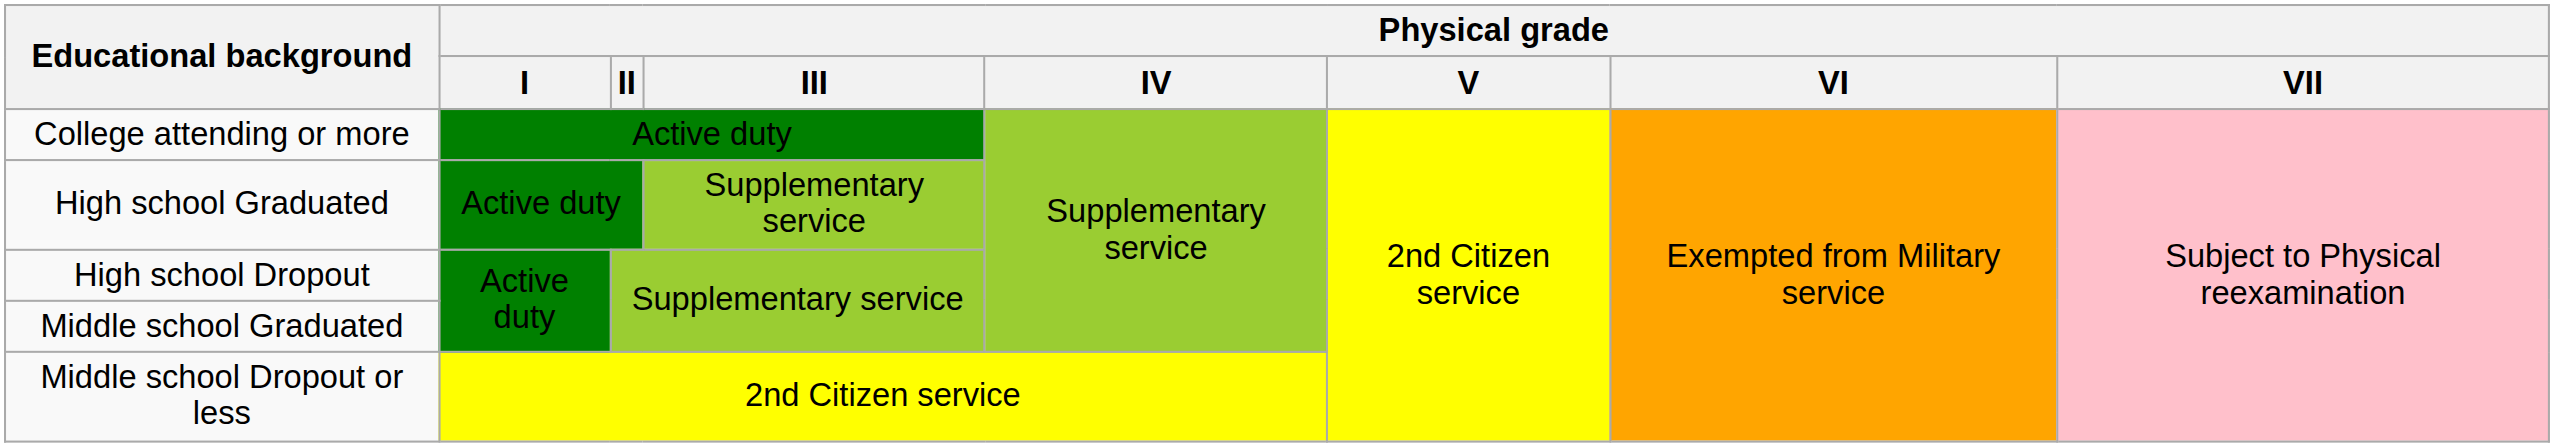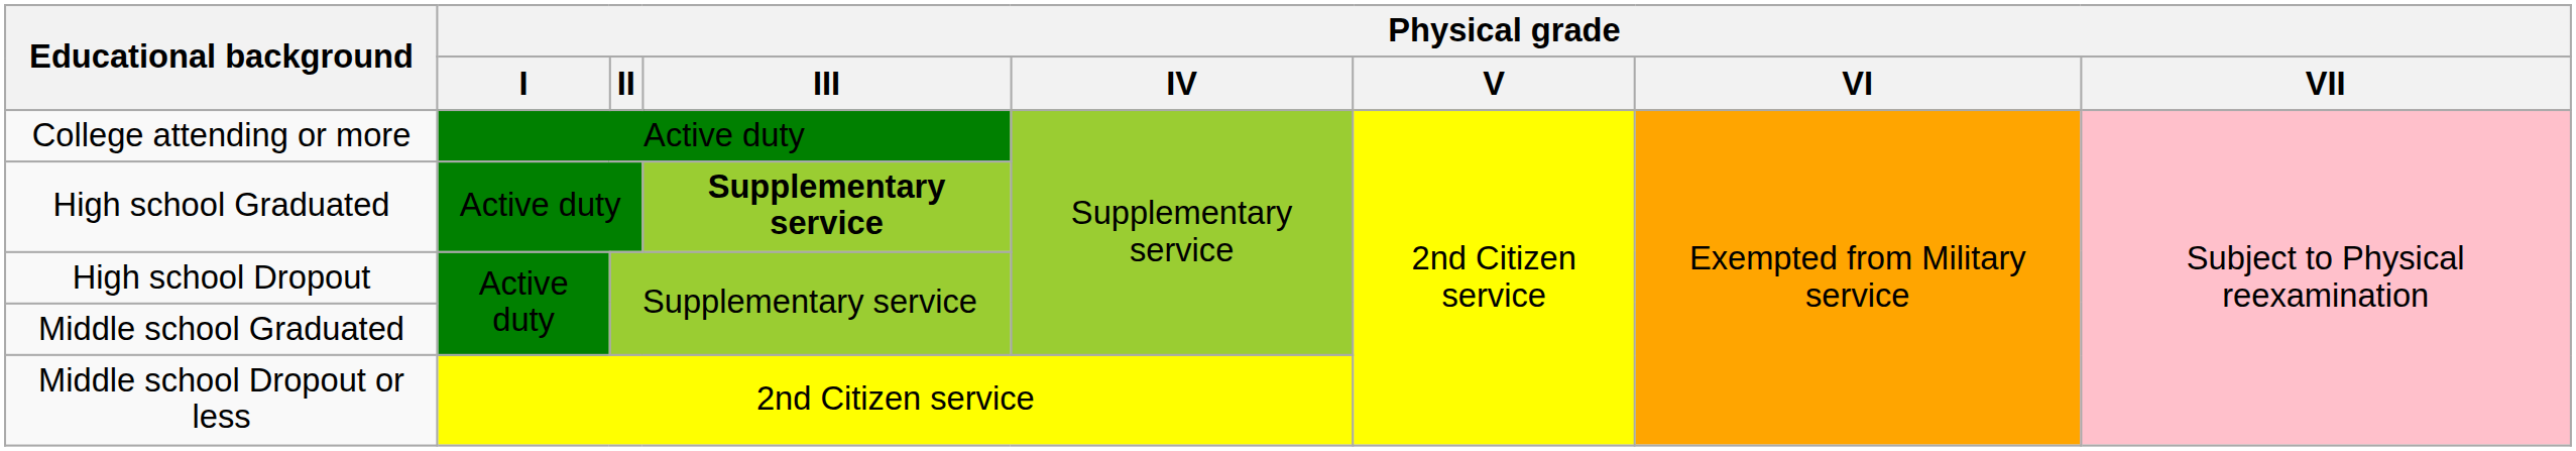 <table class="wikitable">
 <tr>
 <th rowspan="2">Educational background</th>
 <th colspan="7">Physical grade</th>
 </tr>
 <tr>
 <th>I</th>
 <th>II</th>
 <th>III</th>
 <th>IV</th>
 <th>V</th>
 <th>VI</th>
 <th>VII</th>
 </tr>
 <tr>
 <td div style="text-align:center">College attending or more</td>
 <td colspan="3" div style="background:green; text-align:center;">Active duty</td>
 <td rowspan="4" div style="background:yellowgreen; text-align:center;">Supplementary service</td>
 <td style="text-align:center; background:yellow;" rowspan="5" div>2nd Citizen service</td>
 <td rowspan="5" div style="background:orange; text-align:center;">Exempted from Military service</td>
 <td rowspan="5" div style="background:pink; text-align:center;">Subject to Physical reexamination</td>
 </tr>
 <tr>
 <td div style="text-align:center">High school Graduated</td>
 <td colspan="2" div style="background:green; text-align:center;">Active duty</td>
-<td div style="background:yellowgreen; text-align:center;">Supplementary service</td>
+<td div style="background:yellowgreen; text-align:center;"><strong>Supplementary service</strong></td>
 </tr>
 <tr>
 <td div style="text-align:center">High school Dropout</td>
 <td rowspan="2" div style="background:green; text-align:center;">Active duty</td>
 <td colspan="2" rowspan="2" div style="background:yellowgreen; text-align:center;">Supplementary service</td>
 </tr>
 <tr>
 <td div style="text-align:center">Middle school Graduated</td>
 </tr>
 <tr>
 <td div style="text-align:center">Middle school Dropout or less</td>
 <td style="text-align:center; background:yellow;" colspan="4" div>2nd Citizen service</td>
 </tr>
 </table>
